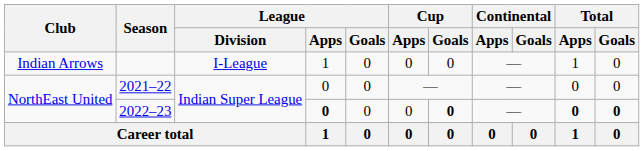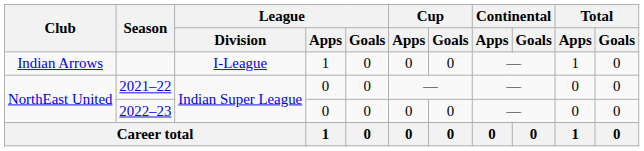 <table class=wikitable style=text-align:center>
 <tr>
 <th rowspan=2>Club</th>
 <th rowspan=2>Season</th>
 <th colspan=3>League</th>
 <th colspan=2>Cup</th>
 <th colspan=2>Continental</th>
 <th colspan=2>Total</th>
 </tr>
 <tr>
 <th>Division</th>
 <th>Apps</th>
 <th>Goals</th>
 <th>Apps</th>
 <th>Goals</th>
 <th>Apps</th>
 <th>Goals</th>
 <th>Apps</th>
 <th>Goals</th>
 </tr>
 <tr>
 <td rowspan="1"><a href='#'>Indian Arrows</a></td>
 <td></td>
 <td rowspan="1"><a href='#'>I-League</a></td>
 <td>1</td>
 <td>0</td>
 <td>0</td>
 <td>0</td>
 <td colspan="2">—</td>
 <td>1</td>
 <td>0</td>
 </tr>
 <tr>
 <td rowspan="2"><a href='#'>NorthEast United</a></td>
 <td><a href='#'>2021–22</a></td>
 <td rowspan="2"><a href='#'>Indian Super League</a></td>
 <td>0</td>
 <td>0</td>
 <td colspan="2">—</td>
 <td colspan="2">—</td>
 <td>0</td>
 <td>0</td>
 </tr>
 <tr>
 <td><a href='#'>2022–23</a></td>
-<td><strong>0</strong></td>
 <td>0</td>
 <td>0</td>
-<td><strong>0</strong></td>
+<td>0</td>
+<td>0</td>
 <td colspan="2">—</td>
-<td><strong>0</strong></td>
-<td><strong>0</strong></td>
+<td>0</td>
+<td>0</td>
 </tr>
 <tr>
 <th colspan=3>Career total</th>
 <th>1</th>
 <th>0</th>
 <th>0</th>
 <th>0</th>
 <th>0</th>
 <th>0</th>
 <th>1</th>
 <th>0</th>
 </tr>
 </table>
